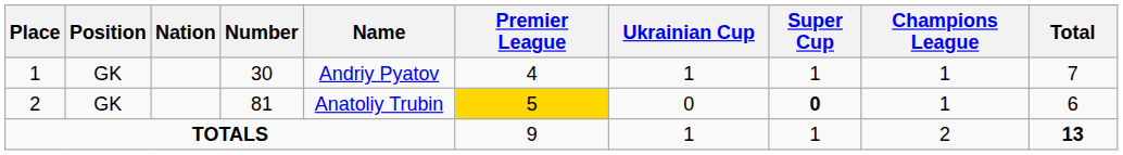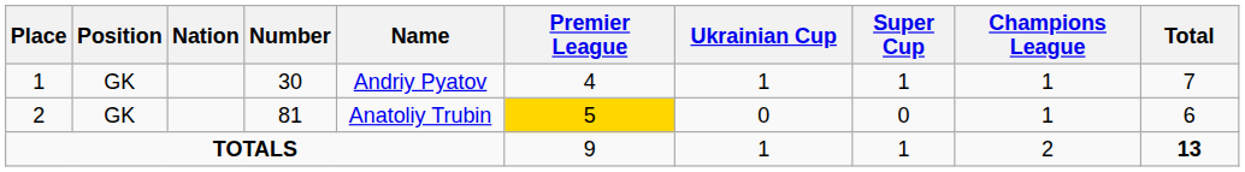 <table class="wikitable" style="font-size: 95%; text-align: center;">
 <tr>
 <th width=20>Place</th>
 <th width=20>Position</th>
 <th width=20>Nation</th>
 <th width=20>Number</th>
 <th width=150>Name</th>
 <th width=150><a href='#'>Premier League</a></th>
 <th width=150><a href='#'>Ukrainian Cup</a></th>
 <th width=80><a href='#'>Super Cup</a></th>
 <th width=150><a href='#'>Champions League</a></th>
 <th width=80>Total</th>
 </tr>
 <tr>
 <td>1</td>
 <td>GK</td>
 <td></td>
 <td>30</td>
 <td><a href='#'>Andriy Pyatov</a></td>
 <td>4</td>
 <td>1</td>
 <td>1</td>
 <td>1</td>
 <td>7</td>
 </tr>
 <tr>
 <td>2</td>
 <td>GK</td>
 <td></td>
 <td>81</td>
 <td><a href='#'>Anatoliy Trubin</a></td>
 <td style="background: gold;">5</td>
 <td>0</td>
-<td><strong>0</strong></td>
+<td>0</td>
 <td>1</td>
 <td>6</td>
 </tr>
 <tr>
 <td colspan="5"><strong>TOTALS</strong></td>
 <td>9</td>
 <td>1</td>
 <td>1</td>
 <td>2</td>
 <td><strong>13</strong></td>
 </tr>
 </table>
